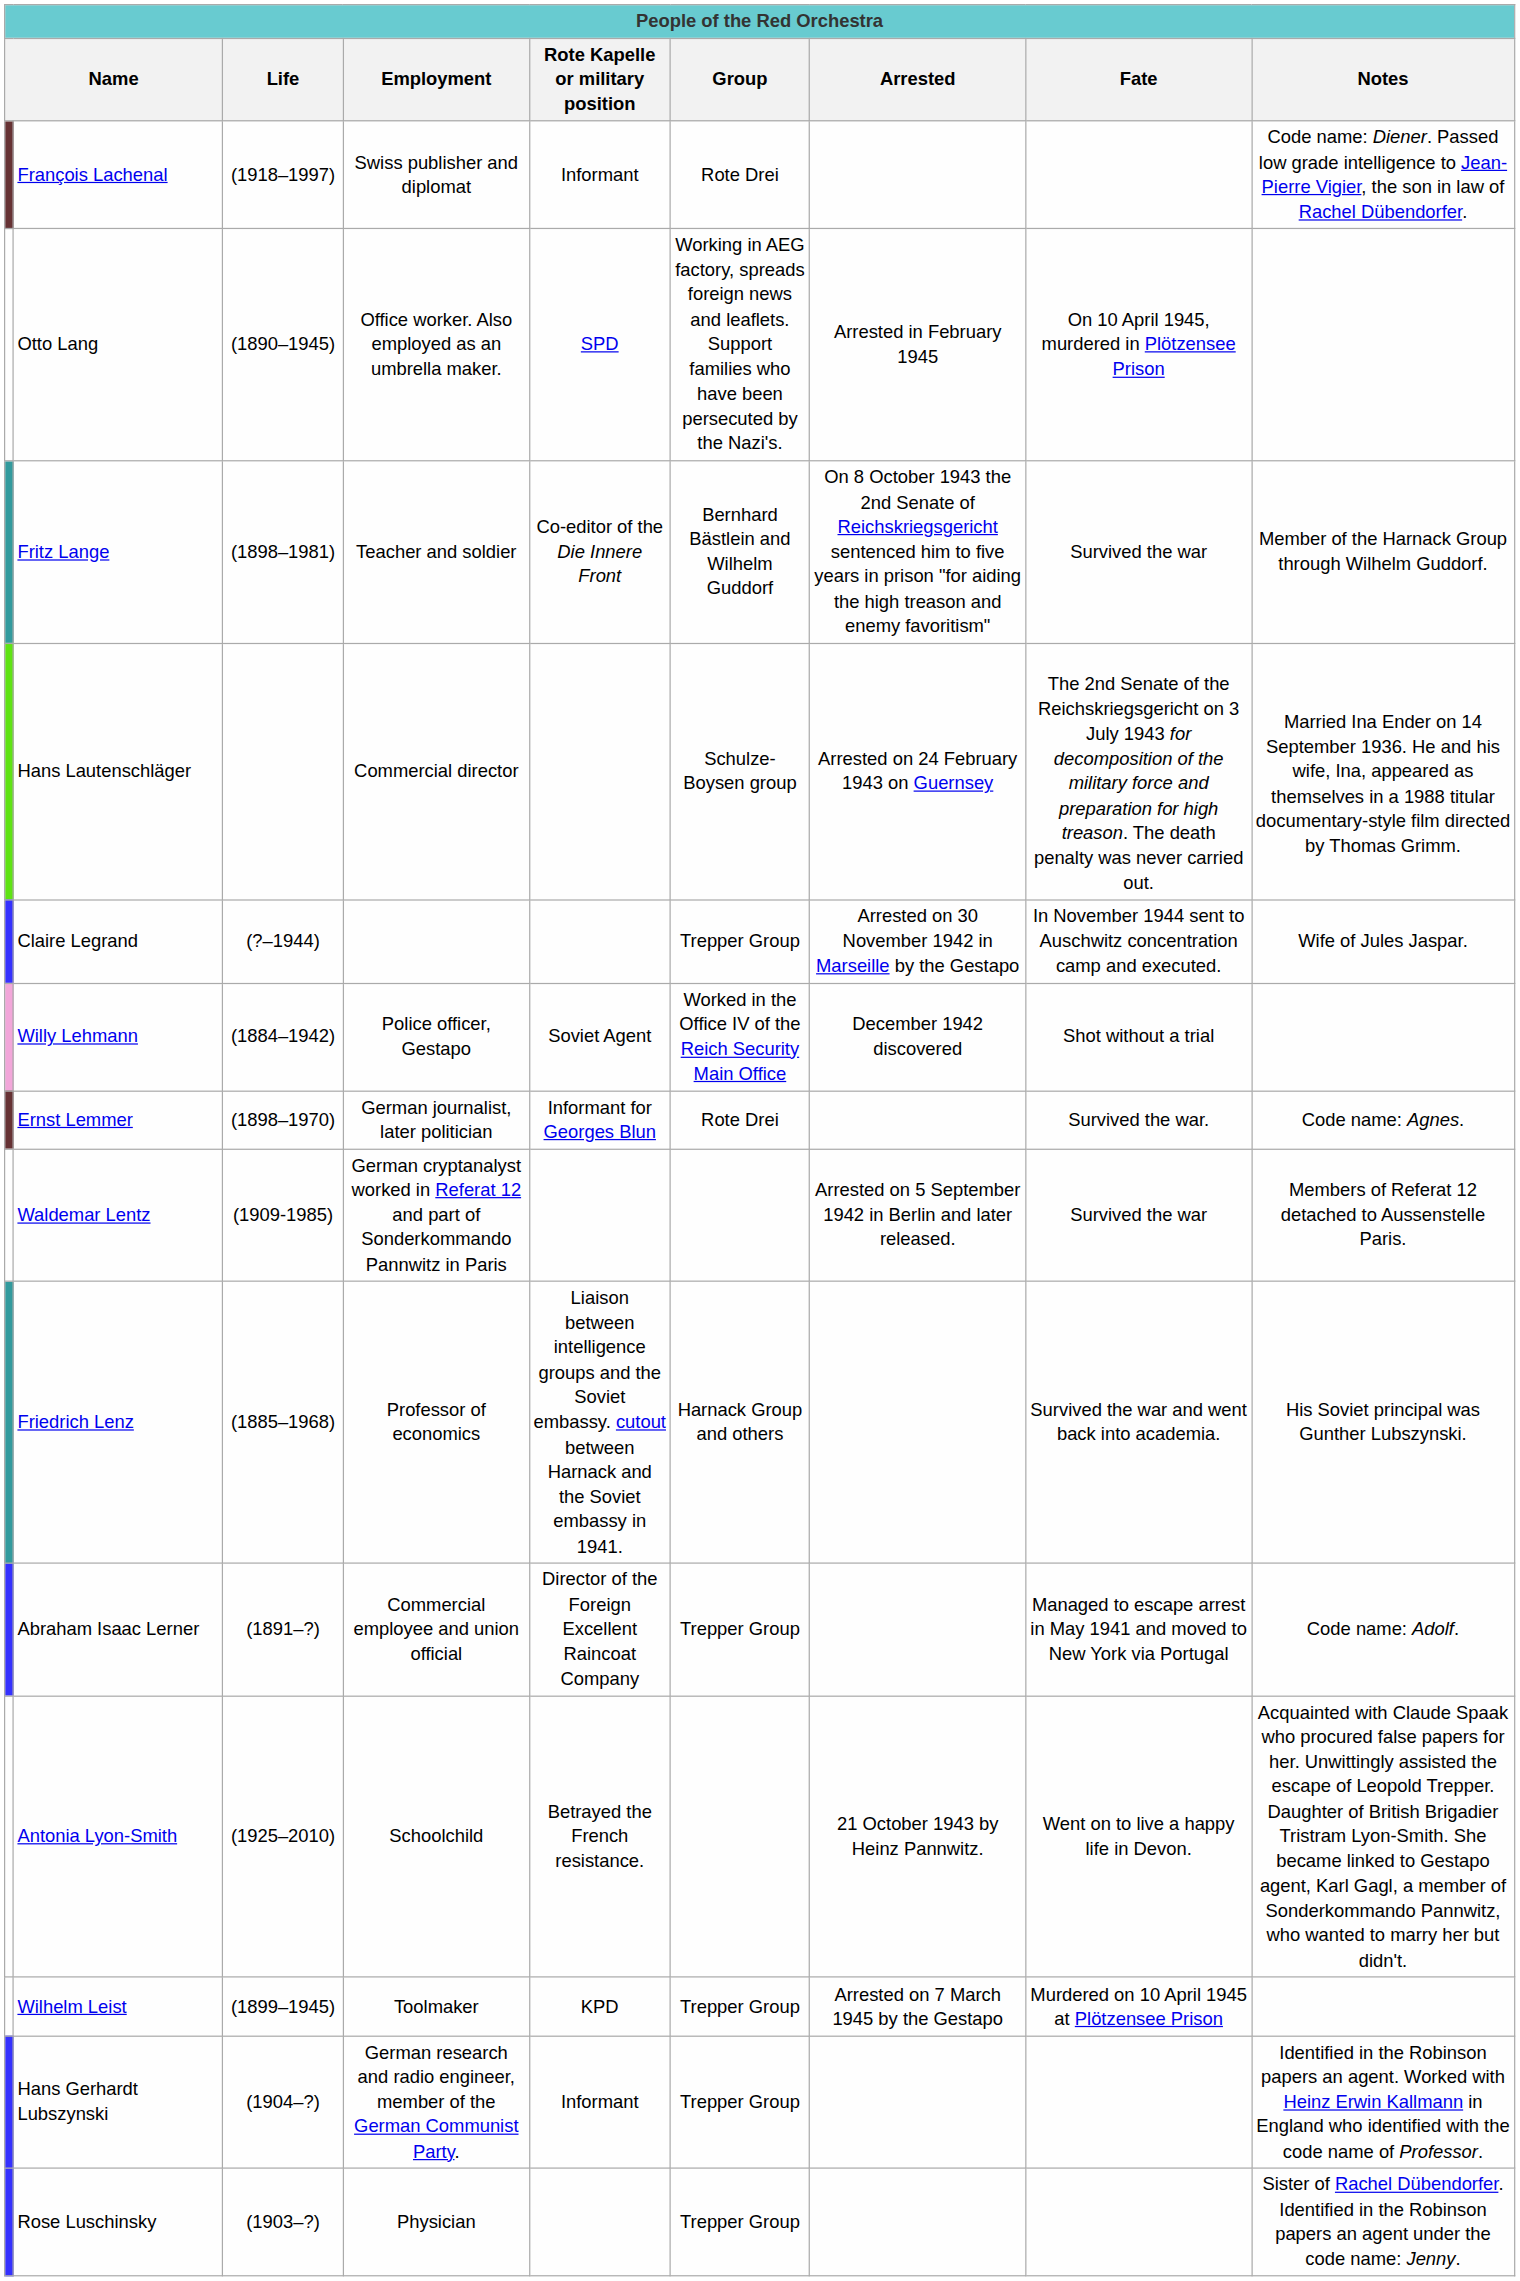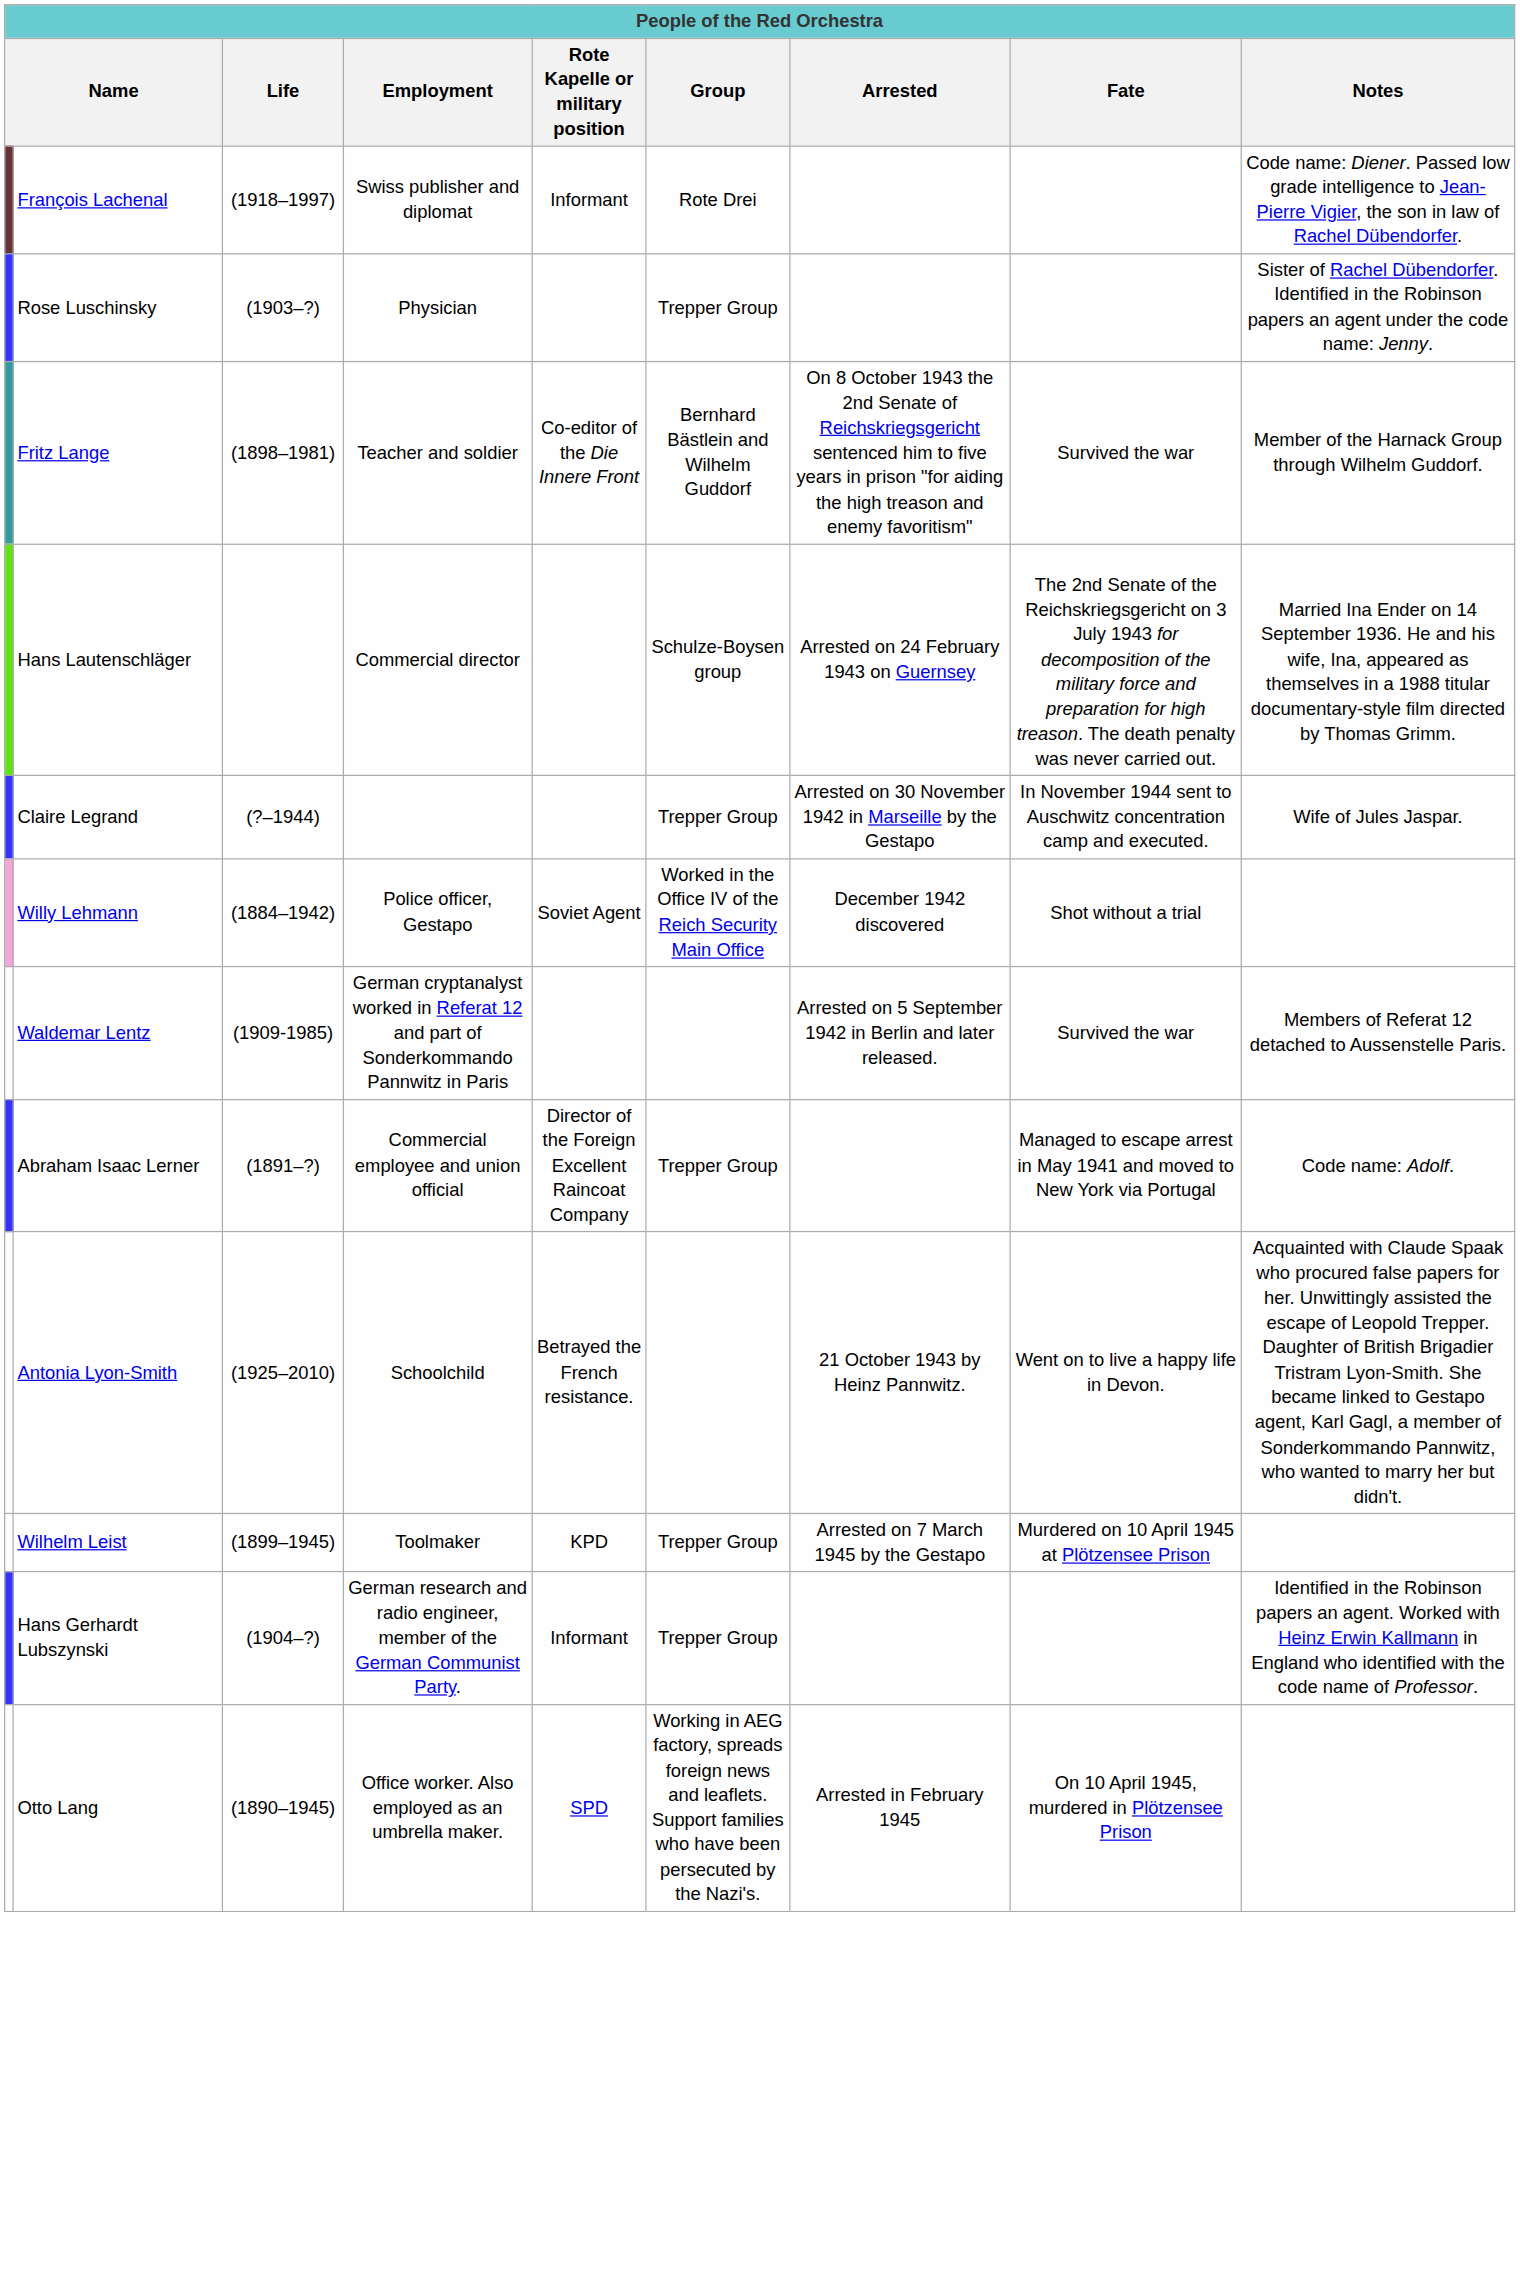 <table class="wikitable sortable" style="table-layout:fixed;background-color:#FEFEFE;font-size:95%;padding:0.30em;line-height:1.35em;">
 <tr>
 <th colspan="9" style="text-align: center; background-color:#68cbd0; color:#333333;">People of the Red Orchestra</th>
 </tr>
 <tr>
 <th scope="col"  colspan="2" width=14.4%>Name</th>
 <th scope="col"  width=8%>Life</th>
 <th scope="col">Employment</th>
 <th scope="col">Rote Kapelle or military position</th>
 <th scope="col">Group</th>
 <th scope="col">Arrested</th>
 <th scope="col">Fate</th>
 <th scope="col">Notes</th>
 </tr>
 <tr>
 <td style="background-color:#663234"></td>
 <td><a href='#'>François Lachenal</a></td>
 <td style="text-align: center;">(1918–1997)</td>
 <td style="text-align: center;">Swiss publisher and diplomat</td>
 <td style="text-align: center;">Informant</td>
 <td style="text-align: center;">Rote Drei</td>
 <td style="text-align: center;"></td>
 <td style="text-align: center;"></td>
 <td style="text-align: center;">Code name: <em>Diener</em>. Passed low grade intelligence to <a href='#'>Jean-Pierre Vigier</a>, the son in law of <a href='#'>Rachel Dübendorfer</a>.</td>
 </tr>
 <tr>
-<td rowspan="1"></td>
-<td>Otto Lang</td>
-<td style="text-align: center;">(1890–1945)</td>
-<td style="text-align: center;">Office worker. Also employed as an umbrella maker.</td>
-<td style="text-align: center;"><a href='#'>SPD</a></td>
-<td style="text-align: center;">Working in AEG factory, spreads foreign news and leaflets. Support families who have been persecuted by the Nazi's.</td>
-<td style="text-align: center;">Arrested in February 1945</td>
-<td style="text-align: center;">On 10 April 1945, murdered in <a href='#'>Plötzensee Prison</a></td>
+<td style="background-color:#3531ff"></td>
+<td>Rose Luschinsky</td>
+<td style="text-align: center;">(1903–?)</td>
+<td style="text-align: center;">Physician</td>
 <td style="text-align: center;"></td>
+<td style="text-align: center;">Trepper Group</td>
+<td style="text-align: center;"></td>
+<td style="text-align: center;"></td>
+<td style="text-align: center;">Sister of <a href='#'>Rachel Dübendorfer</a>. Identified in the Robinson papers an agent under the code name: <em>Jenny</em>.</td>
 </tr>
 <tr>
 <td style="background-color:#329a9d"></td>
 <td><a href='#'>Fritz Lange</a></td>
 <td style="text-align: center;">(1898–1981)</td>
 <td style="text-align: center;">Teacher and soldier</td>
 <td style="text-align: center;">Co-editor of the <em>Die Innere Front</em></td>
 <td style="text-align: center;">Bernhard Bästlein and Wilhelm Guddorf</td>
 <td style="text-align: center;">On 8 October 1943 the 2nd Senate of <a href='#'>Reichskriegsgericht</a> sentenced him to five years in prison  "for aiding the high treason and enemy favoritism"</td>
 <td style="text-align: center;">Survived the war</td>
 <td style="text-align: center;">Member of the Harnack Group through Wilhelm Guddorf.</td>
 </tr>
 <tr>
 <td style="background-color:#5fe313"></td>
 <td>Hans Lautenschläger</td>
 <td style="text-align: center;"></td>
 <td style="text-align: center;">Commercial director</td>
 <td style="text-align: center;"></td>
 <td style="text-align: center;">Schulze-Boysen group</td>
 <td style="text-align: center;">Arrested on 24 February 1943 on <a href='#'>Guernsey</a></td>
 <td style="text-align: center;"><br>The 2nd Senate of the Reichskriegsgericht on 3 July 1943 <em>for decomposition of the military force and preparation for high treason</em>. The death penalty was never carried out.</td>
 <td style="text-align: center;"><br>Married Ina Ender on 14 September 1936.  He and his wife, Ina, appeared as themselves in a 1988 titular documentary-style film directed by Thomas Grimm.</td>
 </tr>
 <tr>
 <td style="background-color:#3531ff"></td>
 <td>Claire Legrand</td>
 <td style="text-align: center;">(?–1944)</td>
 <td style="text-align: center;"></td>
 <td style="text-align: center;"></td>
 <td style="text-align: center;">Trepper Group</td>
 <td style="text-align: center;">Arrested on 30 November 1942 in <a href='#'>Marseille</a> by the Gestapo</td>
 <td style="text-align: center;">In November 1944 sent to Auschwitz concentration camp and executed.</td>
 <td style="text-align: center;">Wife of Jules Jaspar.</td>
 </tr>
 <tr>
 <td style="background-color:#f2a6d9"></td>
 <td><a href='#'>Willy Lehmann</a></td>
 <td style="text-align: center;">(1884–1942)</td>
 <td style="text-align: center;">Police officer, Gestapo</td>
 <td style="text-align: center;">Soviet Agent</td>
 <td style="text-align: center;">Worked in the Office IV of the <a href='#'>Reich Security Main Office</a></td>
 <td style="text-align: center;">December 1942 discovered</td>
 <td style="text-align: center;">Shot without a trial</td>
 <td style="text-align: center;"></td>
 </tr>
 <tr>
-<td style="background-color:#663234"></td>
-<td><a href='#'>Ernst Lemmer</a></td>
-<td style="text-align: center;">(1898–1970)</td>
-<td style="text-align: center;">German journalist, later politician</td>
-<td style="text-align: center;">Informant for <a href='#'>Georges Blun</a></td>
-<td style="text-align: center;">Rote Drei</td>
-<td style="text-align: center;"></td>
-<td style="text-align: center;">Survived the war.</td>
-<td style="text-align: center;">Code name: <em>Agnes</em>.</td>
-</tr>
-<tr>
 <td rowspan="1"></td>
 <td><a href='#'>Waldemar Lentz</a></td>
 <td style="text-align: center;">(1909-1985)</td>
 <td style="text-align: center;">German cryptanalyst worked in <a href='#'>Referat 12</a> and part of Sonderkommando Pannwitz in Paris</td>
 <td style="text-align: center;"></td>
 <td style="text-align: center;"></td>
 <td style="text-align: center;">Arrested on 5 September 1942 in Berlin and later released.</td>
 <td style="text-align: center;">Survived the war</td>
 <td style="text-align: center;">Members of Referat 12 detached to Aussenstelle Paris.</td>
-</tr>
-<tr>
-<td style="background-color:#329a9d"></td>
-<td><a href='#'>Friedrich Lenz</a></td>
-<td style="text-align: center;">(1885–1968)</td>
-<td style="text-align: center;">Professor of economics</td>
-<td style="text-align: center;">Liaison between intelligence groups and the Soviet embassy. <a href='#'>cutout</a> between Harnack and the Soviet embassy in 1941.</td>
-<td style="text-align: center;">Harnack Group and others</td>
-<td style="text-align: center;"></td>
-<td style="text-align: center;">Survived the war and went back into academia.</td>
-<td style="text-align: center;">His Soviet principal was Gunther Lubszynski.</td>
 </tr>
 <tr>
 <td style="background-color:#3531ff"></td>
 <td>Abraham Isaac Lerner</td>
 <td style="text-align: center;">(1891–?)</td>
 <td style="text-align: center;">Commercial employee and union official</td>
 <td style="text-align: center;">Director of the Foreign Excellent Raincoat Company</td>
 <td style="text-align: center;">Trepper Group</td>
 <td style="text-align: center;"></td>
 <td style="text-align: center;">Managed to escape arrest in May 1941 and moved to New York via Portugal</td>
 <td style="text-align: center;">Code name: <em>Adolf</em>.</td>
 </tr>
 <tr>
 <td rowspan="1"></td>
 <td><a href='#'>Antonia Lyon-Smith</a></td>
 <td style="text-align: center;">(1925–2010)</td>
 <td style="text-align: center;">Schoolchild</td>
 <td style="text-align: center;">Betrayed the French resistance.</td>
 <td style="text-align: center;"></td>
 <td style="text-align: center;">21 October 1943 by Heinz Pannwitz.</td>
 <td style="text-align: center;">Went on to live a happy life in Devon.</td>
 <td style="text-align: center;">Acquainted with Claude Spaak who procured false papers for her. Unwittingly assisted the escape of Leopold Trepper. Daughter of British Brigadier Tristram Lyon-Smith.  She became linked to Gestapo agent, Karl Gagl, a member of Sonderkommando Pannwitz, who wanted to marry her but didn't.</td>
 </tr>
 <tr>
 <td rowspan="1"></td>
 <td><a href='#'>Wilhelm Leist</a></td>
 <td style="text-align: center;">(1899–1945)</td>
 <td style="text-align: center;">Toolmaker</td>
 <td style="text-align: center;">KPD</td>
 <td style="text-align: center;">Trepper Group</td>
 <td style="text-align: center;">Arrested on 7 March 1945 by the Gestapo</td>
 <td style="text-align: center;">Murdered on 10 April 1945 at <a href='#'>Plötzensee Prison</a></td>
 <td style="text-align: center;"></td>
 </tr>
 <tr>
 <td style="background-color:#3531ff"></td>
 <td>Hans Gerhardt Lubszynski</td>
 <td style="text-align: center;">(1904–?)</td>
 <td style="text-align: center;">German research and radio engineer, member of the <a href='#'>German Communist Party</a>.</td>
 <td style="text-align: center;">Informant</td>
 <td style="text-align: center;">Trepper Group</td>
 <td style="text-align: center;"></td>
 <td style="text-align: center;"></td>
 <td style="text-align: center;">Identified in the Robinson papers an agent. Worked with <a href='#'>Heinz Erwin Kallmann</a> in England who identified with the code name of <em>Professor</em>.</td>
 </tr>
 <tr>
-<td style="background-color:#3531ff"></td>
-<td>Rose Luschinsky</td>
-<td style="text-align: center;">(1903–?)</td>
-<td style="text-align: center;">Physician</td>
+<td rowspan="1"></td>
+<td>Otto Lang</td>
+<td style="text-align: center;">(1890–1945)</td>
+<td style="text-align: center;">Office worker. Also employed as an umbrella maker.</td>
+<td style="text-align: center;"><a href='#'>SPD</a></td>
+<td style="text-align: center;">Working in AEG factory, spreads foreign news and leaflets. Support families who have been persecuted by the Nazi's.</td>
+<td style="text-align: center;">Arrested in February 1945</td>
+<td style="text-align: center;">On 10 April 1945, murdered in <a href='#'>Plötzensee Prison</a></td>
 <td style="text-align: center;"></td>
-<td style="text-align: center;">Trepper Group</td>
-<td style="text-align: center;"></td>
-<td style="text-align: center;"></td>
-<td style="text-align: center;">Sister of <a href='#'>Rachel Dübendorfer</a>. Identified in the Robinson papers an agent under the code name: <em>Jenny</em>.</td>
 </tr>
 </table>
